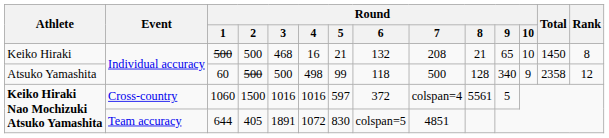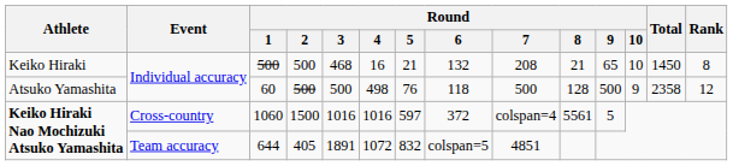 <table class=wikitable style=font-size:90%;text-align:center>
 <tr>
 <th rowspan="2">Athlete</th>
 <th rowspan="2">Event</th>
 <th colspan=10>Round</th>
 <th rowspan=2>Total</th>
 <th rowspan=2>Rank</th>
 </tr>
 <tr style="font-size:95%">
 <th>1</th>
 <th>2</th>
 <th>3</th>
 <th>4</th>
 <th>5</th>
 <th>6</th>
 <th>7</th>
 <th>8</th>
 <th>9</th>
 <th>10</th>
 </tr>
 <tr>
 <td style="text-align:left">Keiko Hiraki</td>
 <td style="text-align:left" rowspan=2><a href='#'>Individual accuracy</a></td>
 <td><s>500</s></td>
 <td>500</td>
 <td>468</td>
 <td>16</td>
 <td>21</td>
 <td>132</td>
 <td>208</td>
 <td>21</td>
 <td>65</td>
 <td>10</td>
 <td>1450</td>
 <td>8</td>
 </tr>
 <tr>
 <td style="text-align:left">Atsuko Yamashita</td>
 <td>60</td>
 <td><s>500</s></td>
 <td>500</td>
 <td>498</td>
-<td>99</td>
+<td>76</td>
 <td>118</td>
 <td>500</td>
 <td>128</td>
-<td>340</td>
+<td>500</td>
 <td>9</td>
 <td>2358</td>
 <td>12</td>
 </tr>
 <tr>
 <td style="text-align:left" rowspan=2><strong>Keiko Hiraki<br>Nao Mochizuki<br>Atsuko Yamashita</strong></td>
 <td style="text-align:left"><a href='#'>Cross-country</a></td>
 <td>1060</td>
 <td>1500</td>
 <td>1016</td>
 <td>1016</td>
 <td>597</td>
 <td>372</td>
 <td>colspan=4 </td>
 <td>5561</td>
 <td>5</td>
 </tr>
 <tr>
 <td style="text-align:left"><a href='#'>Team accuracy</a></td>
 <td>644</td>
 <td>405</td>
 <td>1891</td>
 <td>1072</td>
-<td>830</td>
+<td>832</td>
 <td>colspan=5 </td>
 <td>4851</td>
 <td></td>
 </tr>
 </table>
